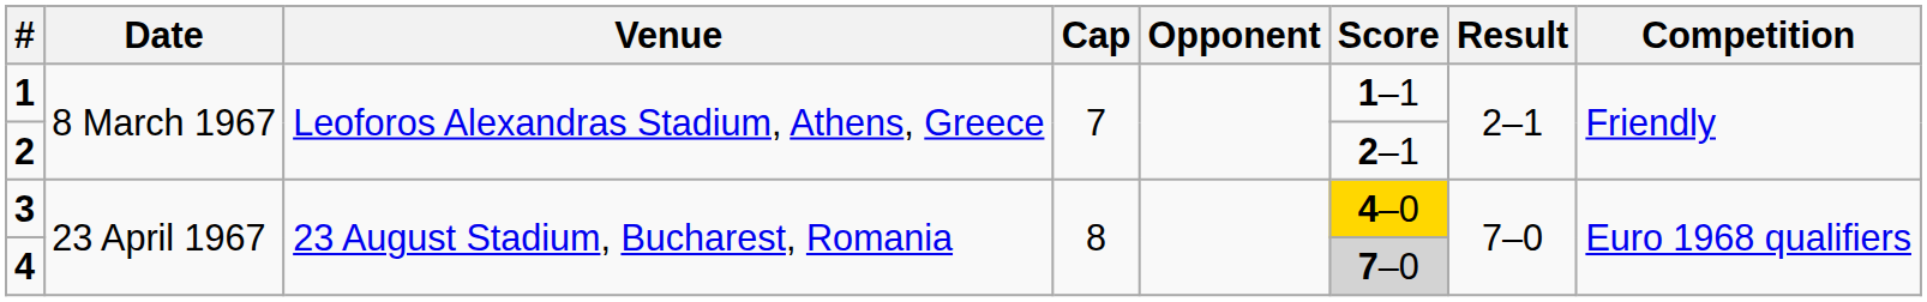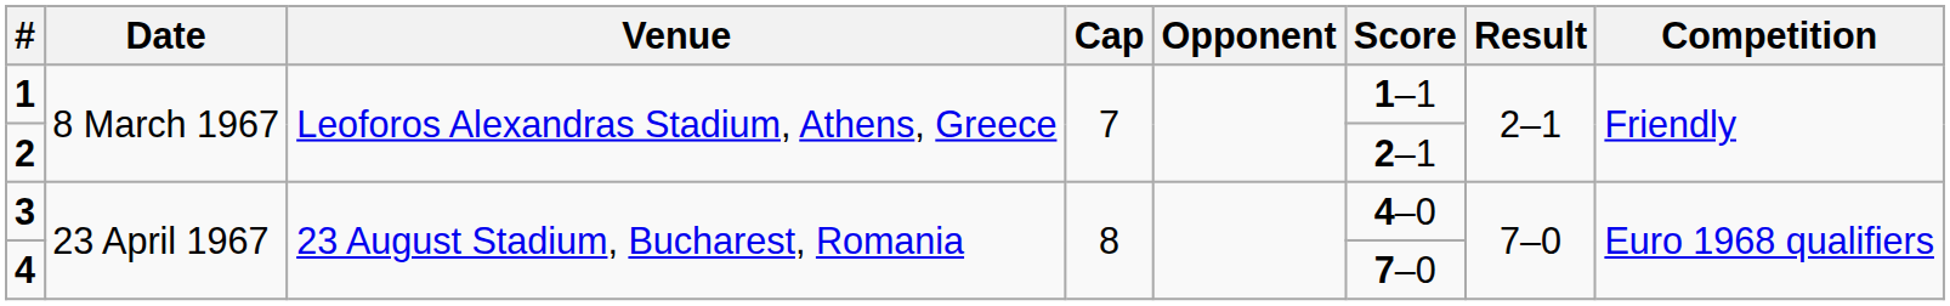 <table class="wikitable" style="font-size:95%;">
 <tr>
 <th>#</th>
 <th>Date</th>
 <th>Venue</th>
 <th>Cap</th>
 <th>Opponent</th>
 <th>Score</th>
 <th>Result</th>
 <th>Competition</th>
 </tr>
 <tr>
 <td align="center"><strong>1</strong></td>
 <td rowspan="2">8 March 1967</td>
 <td rowspan="2"><a href='#'>Leoforos Alexandras Stadium</a>, <a href='#'>Athens</a>, <a href='#'>Greece</a></td>
 <td rowspan="2" align=center>7</td>
 <td rowspan="2"></td>
 <td align="center"><strong>1</strong>–1</td>
 <td rowspan="2" align="center">2–1</td>
 <td rowspan="2"><a href='#'>Friendly</a></td>
 </tr>
 <tr>
 <td align="center"><strong>2</strong></td>
 <td align="center"><strong>2</strong>–1</td>
 </tr>
 <tr>
 <td align="center"><strong>3</strong></td>
 <td rowspan="2">23 April 1967</td>
 <td rowspan="2"><a href='#'>23 August Stadium</a>, <a href='#'>Bucharest</a>, <a href='#'>Romania</a></td>
 <td rowspan="2" align=center>8</td>
 <td rowspan="2"></td>
-<td align="center" style="background: gold;"><strong>4</strong>–0</td>
+<td align="center"><strong>4</strong>–0</td>
 <td rowspan="2" align="center">7–0</td>
 <td rowspan="2"><a href='#'>Euro 1968 qualifiers</a></td>
 </tr>
 <tr>
 <td align="center"><strong>4</strong></td>
-<td align="center" style="background: lightgrey;"><strong>7</strong>–0</td>
+<td align="center"><strong>7</strong>–0</td>
 </tr>
 </table>
